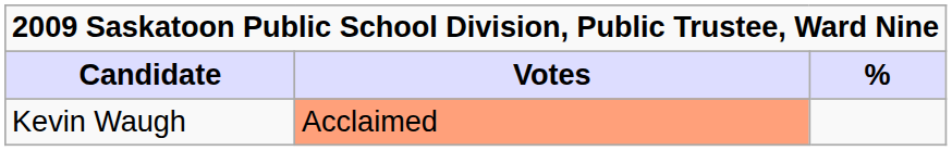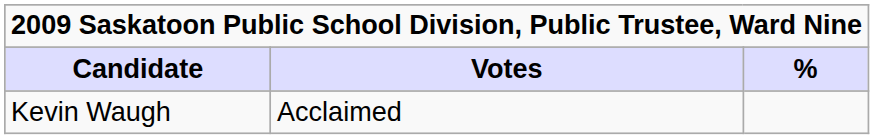 <table class="wikitable sortable">
 <tr>
 <td colspan="3" style="text-align:center;"><strong>2009 Saskatoon Public School Division, Public Trustee, Ward Nine</strong></td>
 </tr>
 <tr>
 <th style="background:#ddf; width:150px;">Candidate</th>
 <th style="background:#ddf;">Votes</th>
 <th style="background:#ddf;">%</th>
 </tr>
 <tr>
 <td>Kevin Waugh</td>
-<td style="background: lightsalmon;">Acclaimed</td>
+<td>Acclaimed</td>
 </tr>
 </table>
